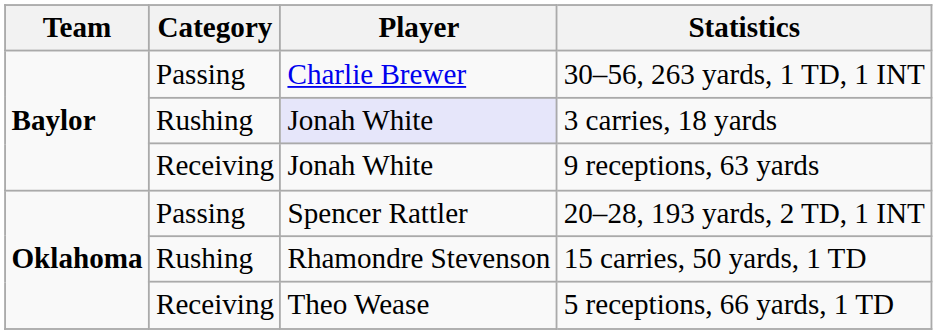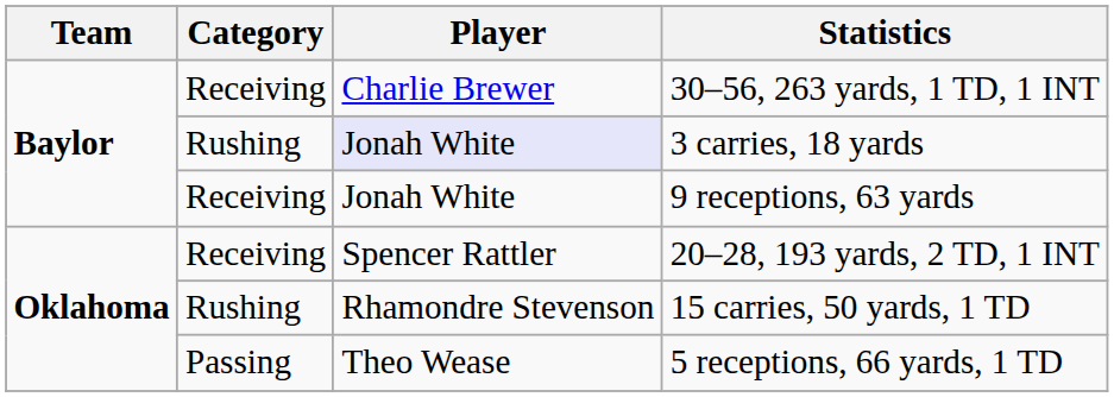 <table class="wikitable" style="float: right;">
 <tr>
 <th>Team</th>
 <th>Category</th>
 <th>Player</th>
 <th>Statistics</th>
 </tr>
 <tr>
 <td rowspan=3><strong>Baylor</strong></td>
-<td>Passing</td>
+<td>Receiving</td>
 <td><a href='#'>Charlie Brewer</a></td>
 <td>30–56, 263 yards, 1 TD, 1 INT</td>
 </tr>
 <tr>
 <td>Rushing</td>
 <td style="background: lavender;">Jonah White</td>
 <td>3 carries, 18 yards</td>
 </tr>
 <tr>
 <td>Receiving</td>
 <td>Jonah White</td>
 <td>9 receptions, 63 yards</td>
 </tr>
 <tr>
 <td rowspan=3><strong>Oklahoma</strong></td>
-<td>Passing</td>
+<td>Receiving</td>
 <td>Spencer Rattler</td>
 <td>20–28, 193 yards, 2 TD, 1 INT</td>
 </tr>
 <tr>
 <td>Rushing</td>
 <td>Rhamondre Stevenson</td>
 <td>15 carries, 50 yards, 1 TD</td>
 </tr>
 <tr>
-<td>Receiving</td>
+<td>Passing</td>
 <td>Theo Wease</td>
 <td>5 receptions, 66 yards, 1 TD</td>
 </tr>
 </table>
